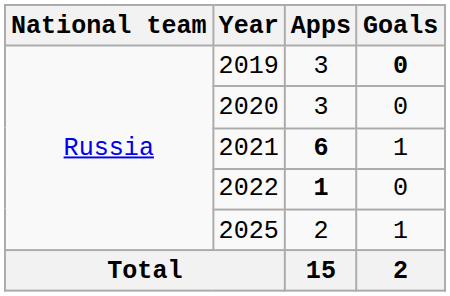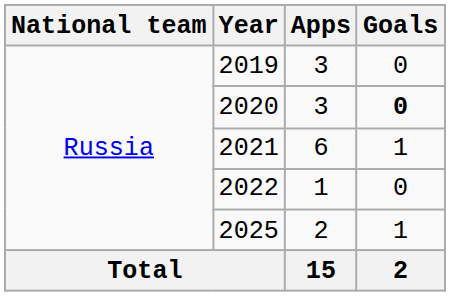 <table class=wikitable style=text-align:center>
 <tr>
 <th>National team</th>
 <th>Year</th>
 <th>Apps</th>
 <th>Goals</th>
 </tr>
 <tr>
 <td rowspan="5"><a href='#'>Russia</a></td>
 <td>2019</td>
 <td>3</td>
-<td><strong>0</strong></td>
+<td>0</td>
 </tr>
 <tr>
 <td>2020</td>
 <td>3</td>
-<td>0</td>
+<td><strong>0</strong></td>
 </tr>
 <tr>
 <td>2021</td>
-<td><strong>6</strong></td>
+<td>6</td>
 <td>1</td>
 </tr>
 <tr>
 <td>2022</td>
-<td><strong>1</strong></td>
+<td>1</td>
 <td>0</td>
 </tr>
 <tr>
 <td>2025</td>
 <td>2</td>
 <td>1</td>
 </tr>
 <tr>
 <th colspan=2>Total</th>
 <th>15</th>
 <th>2</th>
 </tr>
 </table>
